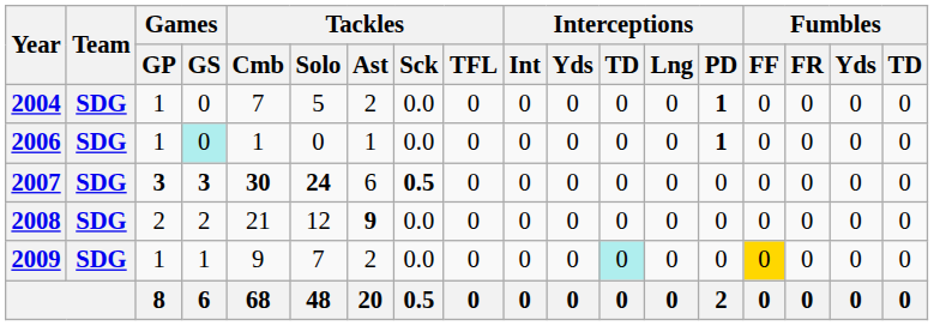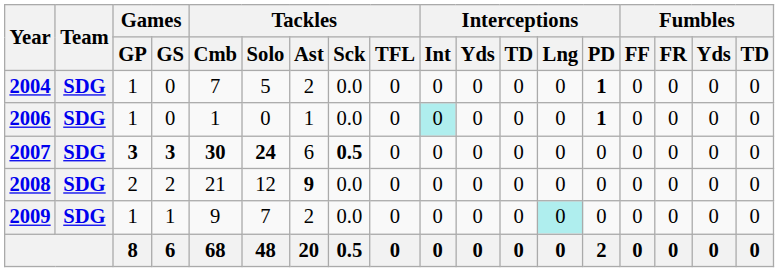 <table class="wikitable" style="text-align:center">
 <tr>
 <th rowspan="2">Year</th>
 <th rowspan="2">Team</th>
 <th colspan="2">Games</th>
 <th colspan="5">Tackles</th>
 <th colspan="5">Interceptions</th>
 <th colspan="4">Fumbles</th>
 </tr>
 <tr>
 <th>GP</th>
 <th>GS</th>
 <th>Cmb</th>
 <th>Solo</th>
 <th>Ast</th>
 <th>Sck</th>
 <th>TFL</th>
 <th>Int</th>
 <th>Yds</th>
 <th>TD</th>
 <th>Lng</th>
 <th>PD</th>
 <th>FF</th>
 <th>FR</th>
 <th>Yds</th>
 <th>TD</th>
 </tr>
 <tr>
 <th><a href='#'>2004</a></th>
 <th><a href='#'>SDG</a></th>
 <td>1</td>
 <td>0</td>
 <td>7</td>
 <td>5</td>
 <td>2</td>
 <td>0.0</td>
 <td>0</td>
 <td>0</td>
 <td>0</td>
 <td>0</td>
 <td>0</td>
 <td><strong>1</strong></td>
 <td>0</td>
 <td>0</td>
 <td>0</td>
 <td>0</td>
 </tr>
 <tr>
 <th><a href='#'>2006</a></th>
 <th><a href='#'>SDG</a></th>
 <td>1</td>
-<td style="background: paleturquoise;">0</td>
+<td>0</td>
 <td>1</td>
 <td>0</td>
 <td>1</td>
 <td>0.0</td>
 <td>0</td>
-<td>0</td>
+<td style="background: paleturquoise;">0</td>
 <td>0</td>
 <td>0</td>
 <td>0</td>
 <td><strong>1</strong></td>
 <td>0</td>
 <td>0</td>
 <td>0</td>
 <td>0</td>
 </tr>
 <tr>
 <th><a href='#'>2007</a></th>
 <th><a href='#'>SDG</a></th>
 <td><strong>3</strong></td>
 <td><strong>3</strong></td>
 <td><strong>30</strong></td>
 <td><strong>24</strong></td>
 <td>6</td>
 <td><strong>0.5</strong></td>
 <td>0</td>
 <td>0</td>
 <td>0</td>
 <td>0</td>
 <td>0</td>
 <td>0</td>
 <td>0</td>
 <td>0</td>
 <td>0</td>
 <td>0</td>
 </tr>
 <tr>
 <th><a href='#'>2008</a></th>
 <th><a href='#'>SDG</a></th>
 <td>2</td>
 <td>2</td>
 <td>21</td>
 <td>12</td>
 <td><strong>9</strong></td>
 <td>0.0</td>
 <td>0</td>
 <td>0</td>
 <td>0</td>
 <td>0</td>
 <td>0</td>
 <td>0</td>
 <td>0</td>
 <td>0</td>
 <td>0</td>
 <td>0</td>
 </tr>
 <tr>
 <th><a href='#'>2009</a></th>
 <th><a href='#'>SDG</a></th>
 <td>1</td>
 <td>1</td>
 <td>9</td>
 <td>7</td>
 <td>2</td>
 <td>0.0</td>
 <td>0</td>
 <td>0</td>
 <td>0</td>
+<td>0</td>
 <td style="background: paleturquoise;">0</td>
 <td>0</td>
 <td>0</td>
-<td style="background: gold;">0</td>
 <td>0</td>
 <td>0</td>
 <td>0</td>
 </tr>
 <tr>
 <th colspan="2"></th>
 <th>8</th>
 <th>6</th>
 <th>68</th>
 <th>48</th>
 <th>20</th>
 <th>0.5</th>
 <th>0</th>
 <th>0</th>
 <th>0</th>
 <th>0</th>
 <th>0</th>
 <th>2</th>
 <th>0</th>
 <th>0</th>
 <th>0</th>
 <th>0</th>
 </tr>
 </table>
